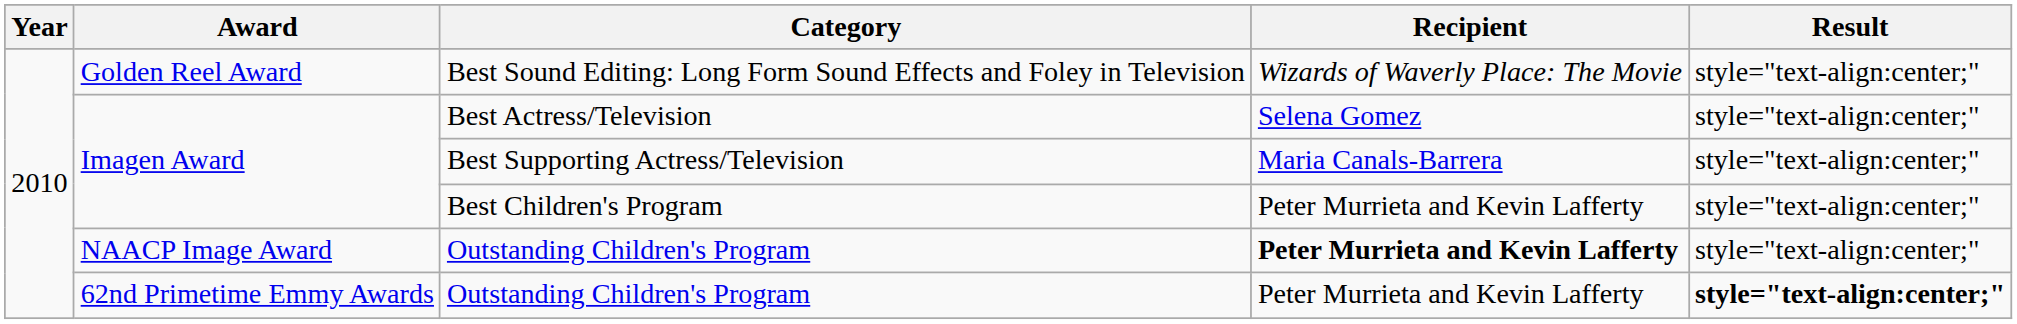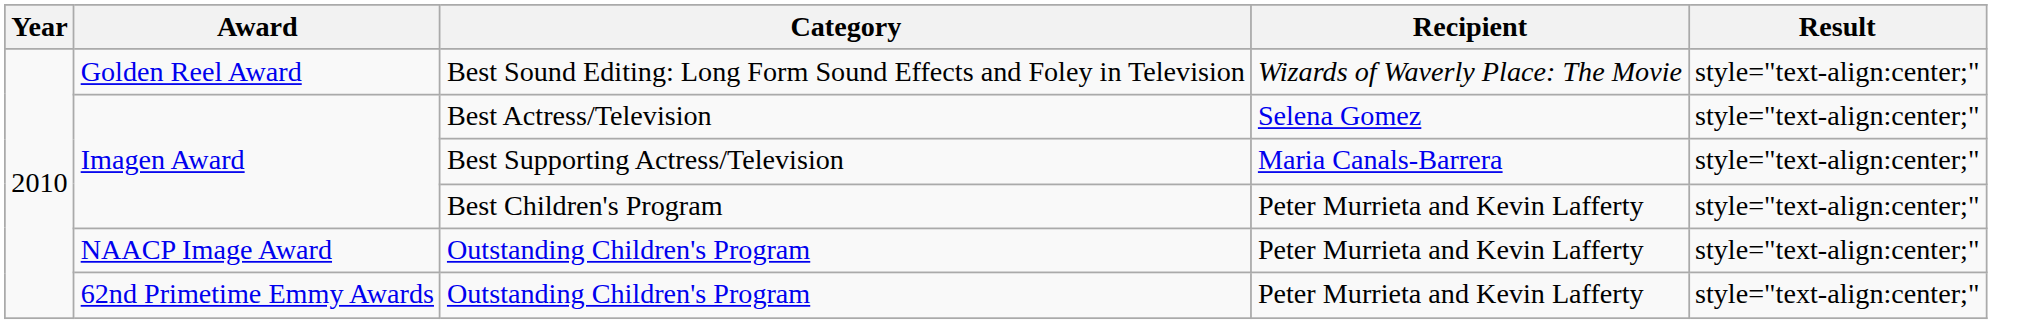 <table class="wikitable">
 <tr>
 <th>Year</th>
 <th>Award</th>
 <th>Category</th>
 <th>Recipient</th>
 <th>Result</th>
 </tr>
 <tr>
 <td style="text-align:center;" rowspan="6">2010</td>
 <td><a href='#'>Golden Reel Award</a></td>
 <td>Best Sound Editing: Long Form Sound Effects and Foley in Television</td>
 <td><em>Wizards of Waverly Place: The Movie</em></td>
 <td>style="text-align:center;" </td>
 </tr>
 <tr>
 <td rowspan=3><a href='#'>Imagen Award</a></td>
 <td>Best Actress/Television</td>
 <td><a href='#'>Selena Gomez</a></td>
 <td>style="text-align:center;" </td>
 </tr>
 <tr>
 <td>Best Supporting Actress/Television</td>
 <td><a href='#'>Maria Canals-Barrera</a></td>
 <td>style="text-align:center;" </td>
 </tr>
 <tr>
 <td>Best Children's Program</td>
 <td>Peter Murrieta and Kevin Lafferty</td>
 <td>style="text-align:center;" </td>
 </tr>
 <tr>
 <td><a href='#'>NAACP Image Award</a></td>
 <td><a href='#'>Outstanding Children's Program</a></td>
-<td><strong>Peter Murrieta and Kevin Lafferty</strong></td>
+<td>Peter Murrieta and Kevin Lafferty</td>
 <td>style="text-align:center;" </td>
 </tr>
 <tr>
 <td><a href='#'>62nd Primetime Emmy Awards</a></td>
 <td><a href='#'>Outstanding Children's Program</a></td>
 <td>Peter Murrieta and Kevin Lafferty</td>
-<td><strong>style="text-align:center;" </strong></td>
+<td>style="text-align:center;" </td>
 </tr>
 </table>
